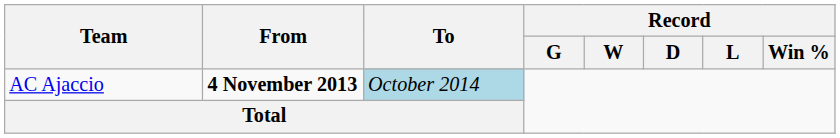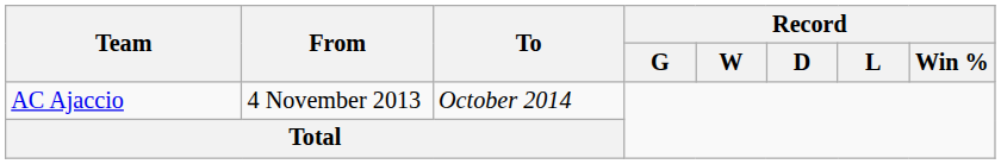 <table class="wikitable" style="text-align: center">
 <tr>
 <th rowspan=2! width=150>Team</th>
 <th rowspan=2! width=120>From</th>
 <th rowspan=2! width=120>To</th>
 <th colspan=7>Record</th>
 </tr>
 <tr>
 <th width=40>G</th>
 <th width=40>W</th>
 <th width=40>D</th>
 <th width=40>L</th>
 <th width=50>Win %</th>
 </tr>
 <tr>
 <td align=left><a href='#'>AC Ajaccio</a></td>
-<td align=left><strong>4 November 2013</strong></td>
-<td align=left style="background: lightblue;"><em>October 2014 </em><br></td>
+<td align=left>4 November 2013</td>
+<td align=left><em>October 2014 </em><br></td>
 </tr>
 <tr>
 <th colspan="3">Total<br></th>
 </tr>
 </table>
